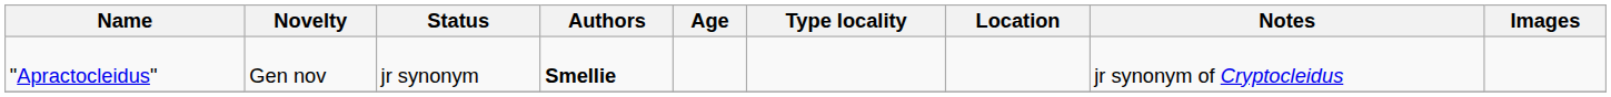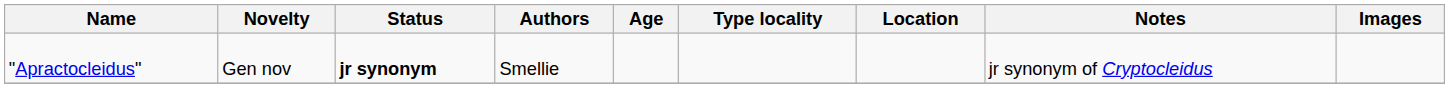 <table class="wikitable sortable" align="center" width="100%">
 <tr>
 <th>Name</th>
 <th>Novelty</th>
 <th>Status</th>
 <th>Authors</th>
 <th>Age</th>
 <th>Type locality</th>
 <th>Location</th>
 <th>Notes</th>
 <th>Images</th>
 </tr>
 <tr>
 <td><br>"<a href='#'>Apractocleidus</a>"</td>
 <td><br>Gen nov</td>
-<td><br>jr synonym</td>
-<td><strong><br>Smellie</strong></td>
+<td><strong><br>jr synonym</strong></td>
+<td><br>Smellie</td>
 <td></td>
 <td></td>
 <td></td>
 <td><br>jr synonym of <em><a href='#'>Cryptocleidus</a></em></td>
 <td><br></td>
 </tr>
 <tr>
 </tr>
 </table>
